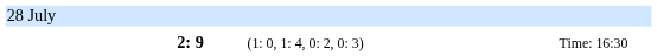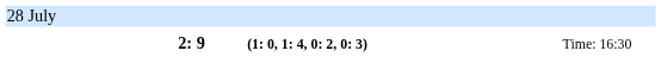 <table style="text-align:center">
 <tr style="text-align:left; background:#d0e7ff;">
 <td colspan=6>28 July</td>
 </tr>
 <tr style="font-size:90%; vertical-align:top;">
 <th width=140></th>
 <th width=60></th>
 <th width=150></th>
 <th width=140></th>
 <th width=100></th>
 </tr>
 <tr>
 <td align=right></td>
 <td><strong>2: 9</strong></td>
-<td><small>(1: 0, 1: 4, 0: 2, 0: 3)</small></td>
+<td><strong><small>(1: 0, 1: 4, 0: 2, 0: 3)</small></strong></td>
 <td align=left></td>
 <td><small>Time: 16:30</small></td>
 <td></td>
 </tr>
 </table>
